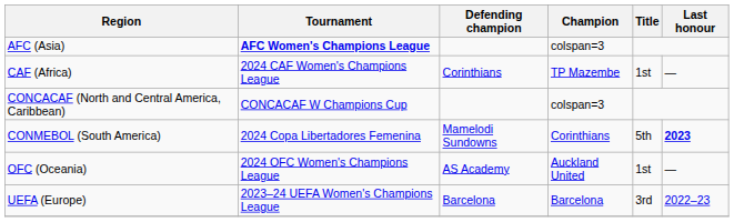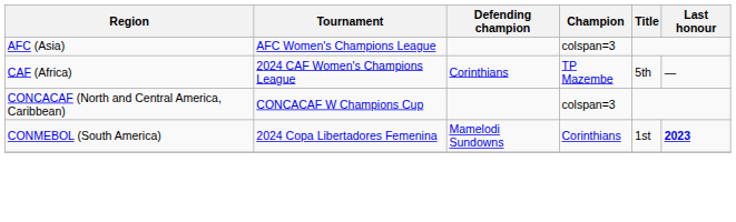 <table class=wikitable style="font-size:14px">
 <tr>
 <th>Region</th>
 <th>Tournament</th>
 <th>Defending champion</th>
 <th>Champion</th>
 <th>Title</th>
 <th>Last honour</th>
 </tr>
 <tr>
 <td><a href='#'>AFC</a> (Asia)</td>
-<td><strong><a href='#'>AFC Women's Champions League</a></strong></td>
+<td><a href='#'>AFC Women's Champions League</a></td>
 <td></td>
 <td>colspan=3 </td>
 </tr>
 <tr>
 <td><a href='#'>CAF</a> (Africa)</td>
 <td><a href='#'>2024 CAF Women's Champions League</a></td>
 <td> <a href='#'>Corinthians</a></td>
 <td> <a href='#'>TP Mazembe</a></td>
-<td>1st</td>
+<td>5th</td>
 <td>—</td>
 </tr>
 <tr>
 <td><a href='#'>CONCACAF</a> (North and Central America, Caribbean)</td>
 <td><a href='#'>CONCACAF W Champions Cup</a></td>
 <td></td>
 <td>colspan=3 </td>
 </tr>
 <tr>
 <td><a href='#'>CONMEBOL</a> (South America)</td>
 <td><a href='#'>2024 Copa Libertadores Femenina</a></td>
 <td> <a href='#'>Mamelodi Sundowns</a></td>
 <td> <a href='#'>Corinthians</a></td>
-<td>5th</td>
+<td>1st</td>
 <td><strong><a href='#'>2023</a></strong></td>
-</tr>
-<tr>
-<td><a href='#'>OFC</a> (Oceania)</td>
-<td><a href='#'>2024 OFC Women's Champions League</a></td>
-<td> <a href='#'>AS Academy</a></td>
-<td> <a href='#'>Auckland United</a></td>
-<td>1st</td>
-<td>—</td>
-</tr>
-<tr>
-<td><a href='#'>UEFA</a> (Europe)</td>
-<td><a href='#'>2023–24 UEFA Women's Champions League</a></td>
-<td> <a href='#'>Barcelona</a></td>
-<td> <a href='#'>Barcelona</a></td>
-<td>3rd</td>
-<td><a href='#'>2022–23</a></td>
 </tr>
 <tr>
 </tr>
 </table>
